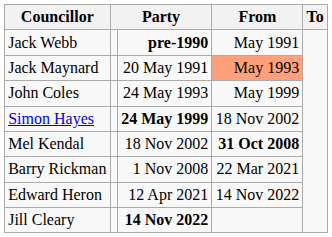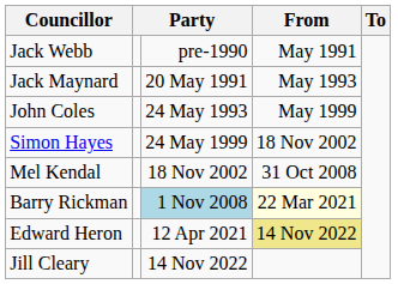 <table class=wikitable>
 <tr>
 <th>Councillor</th>
 <th colspan=2>Party</th>
 <th>From</th>
 <th>To</th>
 </tr>
 <tr>
 <td>Jack Webb</td>
 <td></td>
-<td align=right><strong>pre-1990</strong></td>
+<td align=right>pre-1990</td>
 <td align=right>May 1991</td>
 </tr>
 <tr>
 <td>Jack Maynard</td>
 <td></td>
 <td align=right>20 May 1991</td>
-<td align=right style="background: lightsalmon;">May 1993</td>
+<td align=right>May 1993</td>
 </tr>
 <tr>
 <td>John Coles</td>
 <td></td>
 <td align=right>24 May 1993</td>
 <td align=right>May 1999</td>
 </tr>
 <tr>
 <td><a href='#'>Simon Hayes</a></td>
 <td></td>
-<td align=right><strong>24 May 1999</strong></td>
+<td align=right>24 May 1999</td>
 <td align=right>18 Nov 2002</td>
 </tr>
 <tr>
 <td>Mel Kendal</td>
 <td></td>
 <td align=right>18 Nov 2002</td>
-<td align=right><strong>31 Oct 2008</strong></td>
+<td align=right>31 Oct 2008</td>
 </tr>
 <tr>
 <td>Barry Rickman</td>
 <td></td>
-<td align=right>1 Nov 2008</td>
-<td align=right>22 Mar 2021</td>
+<td align=right style="background: lightblue;">1 Nov 2008</td>
+<td align=right style="background: lightyellow;">22 Mar 2021</td>
 </tr>
 <tr>
 <td>Edward Heron</td>
 <td></td>
 <td align=right>12 Apr 2021</td>
-<td align=right>14 Nov 2022</td>
+<td align=right style="background: khaki;">14 Nov 2022</td>
 </tr>
 <tr>
 <td>Jill Cleary</td>
 <td></td>
-<td align=right><strong>14 Nov 2022</strong></td>
+<td align=right>14 Nov 2022</td>
 <td align=right></td>
 </tr>
 </table>
